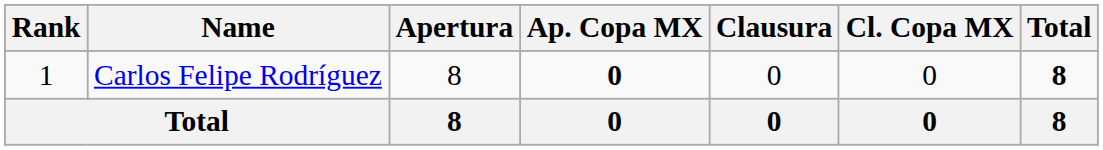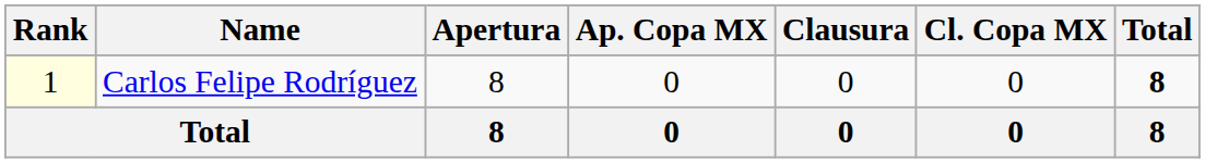 <table class="wikitable" style="text-align: center;">
 <tr>
 <th>Rank</th>
 <th>Name</th>
 <th>Apertura</th>
 <th>Ap. Copa MX</th>
 <th>Clausura</th>
 <th>Cl. Copa MX</th>
 <th>Total</th>
 </tr>
 <tr>
-<td>1</td>
+<td style="background: lightyellow;">1</td>
 <td align=left> <a href='#'>Carlos Felipe Rodríguez</a></td>
 <td>8</td>
-<td><strong>0</strong></td>
+<td>0</td>
 <td>0</td>
 <td>0</td>
 <td><strong>8</strong></td>
 </tr>
 <tr>
 <th colspan=2>Total</th>
 <th>8</th>
 <th>0</th>
 <th>0</th>
 <th>0</th>
 <th>8</th>
 </tr>
 </table>
